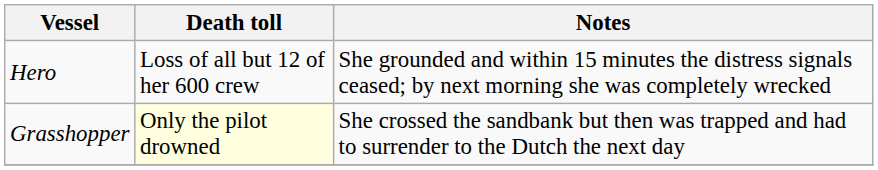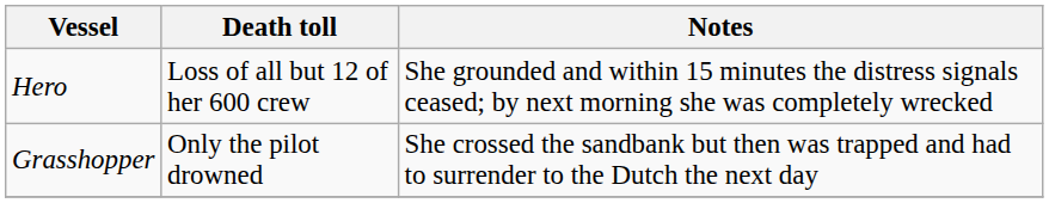 <table class=" wikitable">
 <tr>
 <th>Vessel</th>
 <th>Death toll</th>
 <th>Notes</th>
 </tr>
 <tr>
 <td><em>Hero</em></td>
 <td>Loss of all but 12 of her 600 crew</td>
 <td>She grounded and within 15 minutes the distress signals ceased; by next morning she was completely wrecked</td>
 </tr>
 <tr>
 <td><em>Grasshopper</em></td>
-<td style="background: lightyellow;">Only the pilot drowned</td>
+<td>Only the pilot drowned</td>
 <td>She crossed the sandbank but then was trapped and had to surrender to the Dutch the next day</td>
 </tr>
 <tr>
 </tr>
 </table>
